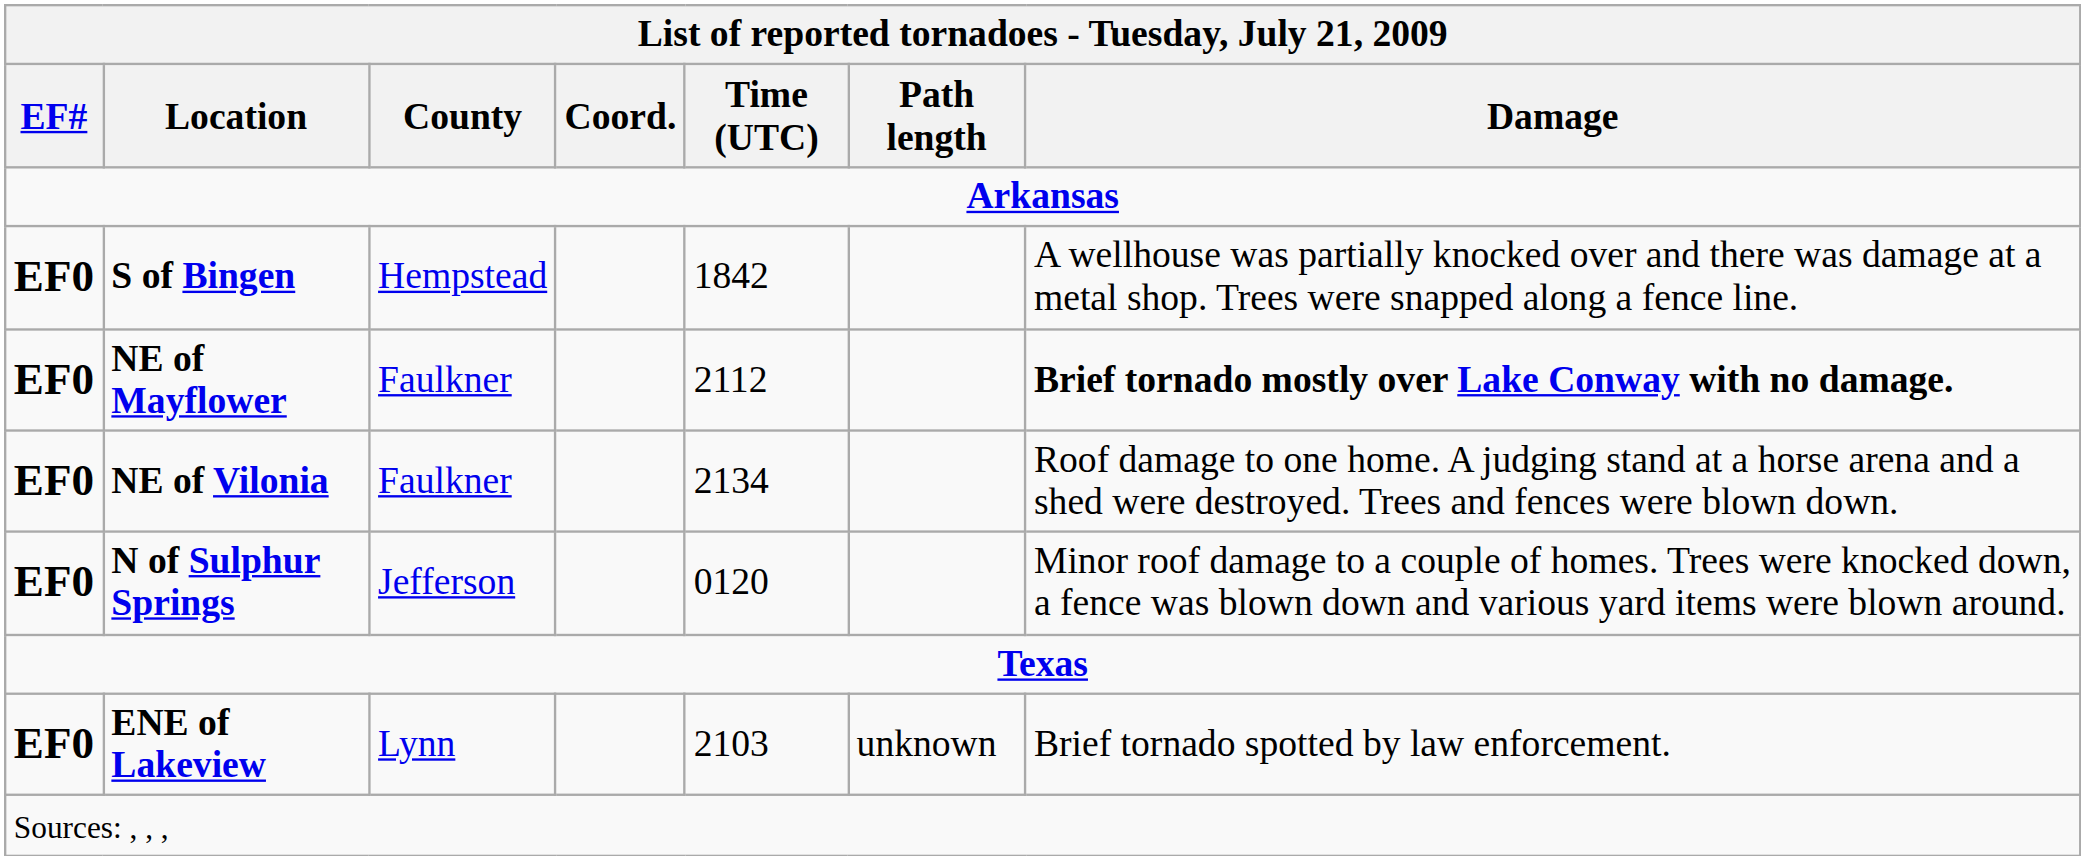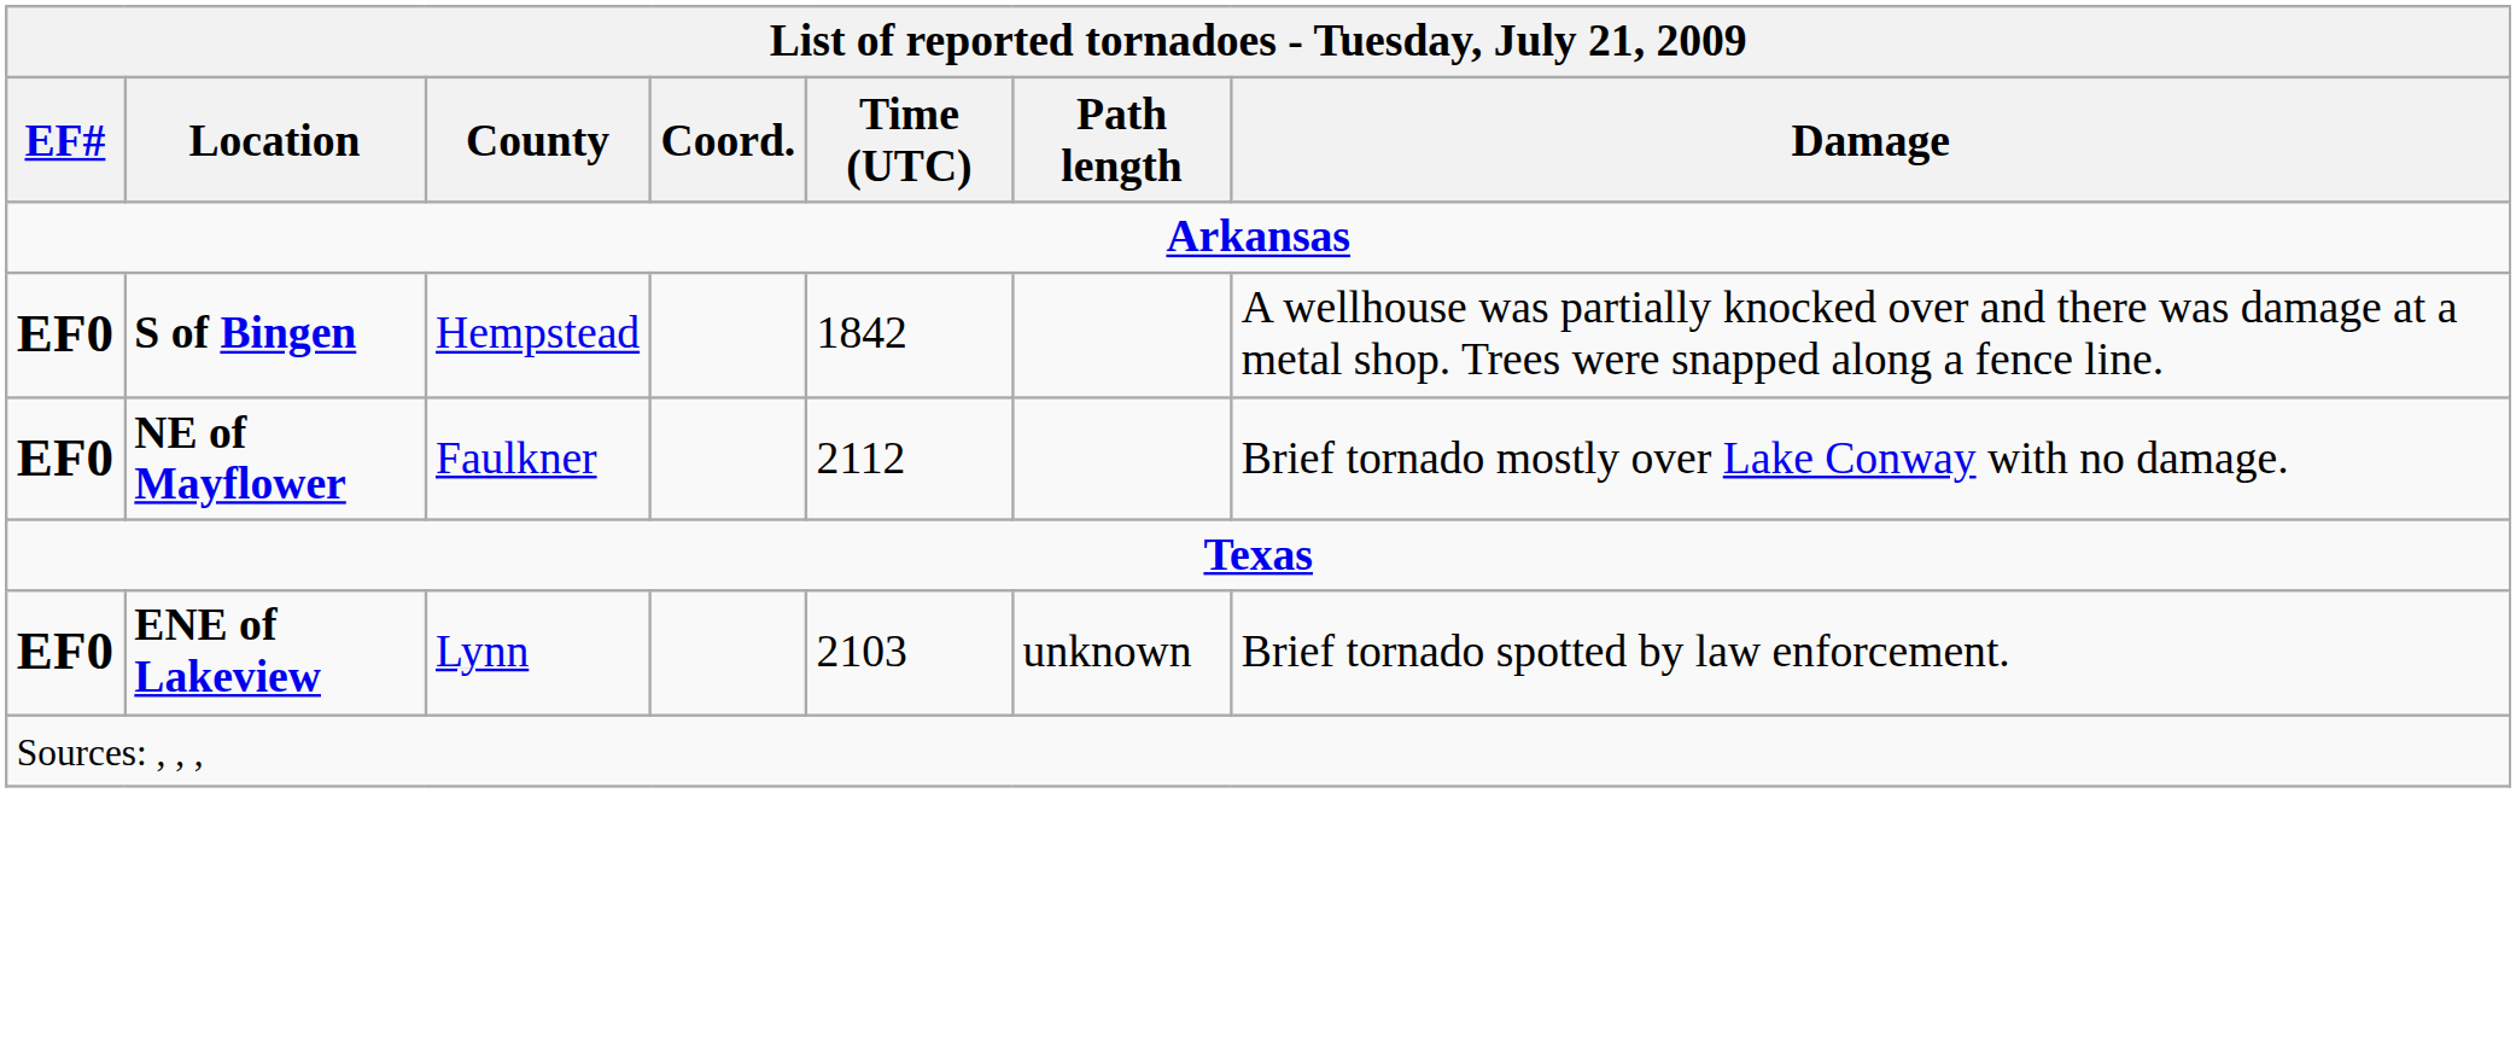 <table class="wikitable collapsible" style="width:100%;">
 <tr>
 <th colspan="7">List of reported tornadoes - Tuesday, July 21, 2009</th>
 </tr>
 <tr>
 <th><a href='#'>EF#</a></th>
 <th>Location</th>
 <th>County</th>
 <th>Coord.</th>
 <th>Time (UTC)</th>
 <th>Path length</th>
 <th>Damage</th>
 </tr>
 <tr>
 <td colspan="7" style="text-align:center;"><strong><a href='#'>Arkansas</a></strong></td>
 </tr>
 <tr>
 <td><big><strong>EF0</strong></big></td>
 <td><strong>S of <a href='#'>Bingen</a></strong></td>
 <td><a href='#'>Hempstead</a></td>
 <td></td>
 <td>1842</td>
 <td></td>
 <td>A wellhouse was partially knocked over and there was damage at a metal shop. Trees were snapped along a fence line.</td>
 </tr>
 <tr>
 <td><big><strong>EF0</strong></big></td>
 <td><strong>NE of <a href='#'>Mayflower</a></strong></td>
 <td><a href='#'>Faulkner</a></td>
 <td></td>
 <td>2112</td>
 <td></td>
-<td><strong>Brief tornado mostly over <a href='#'>Lake Conway</a> with no damage.</strong></td>
-</tr>
-<tr>
-<td><big><strong>EF0</strong></big></td>
-<td><strong>NE of <a href='#'>Vilonia</a></strong></td>
-<td><a href='#'>Faulkner</a></td>
-<td></td>
-<td>2134</td>
-<td></td>
-<td>Roof damage to one home. A judging stand at a horse arena and a shed were destroyed. Trees and fences were blown down.</td>
-</tr>
-<tr>
-<td><big><strong>EF0</strong></big></td>
-<td><strong>N of <a href='#'>Sulphur Springs</a></strong></td>
-<td><a href='#'>Jefferson</a></td>
-<td></td>
-<td>0120</td>
-<td></td>
-<td>Minor roof damage to a couple of homes. Trees were knocked down, a fence was blown down and various yard items were blown around.</td>
+<td>Brief tornado mostly over <a href='#'>Lake Conway</a> with no damage.</td>
 </tr>
 <tr>
 <td colspan="7" style="text-align:center;"><strong><a href='#'>Texas</a></strong></td>
 </tr>
 <tr>
 <td><big><strong>EF0</strong></big></td>
 <td><strong>ENE of <a href='#'>Lakeview</a></strong></td>
 <td><a href='#'>Lynn</a></td>
 <td></td>
 <td>2103</td>
 <td>unknown</td>
 <td>Brief tornado spotted by law enforcement.</td>
 </tr>
 <tr>
 <td colspan="7"><small>Sources: , , , </small></td>
 </tr>
 </table>
